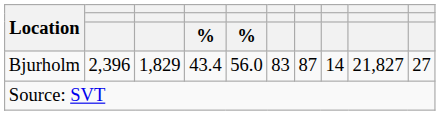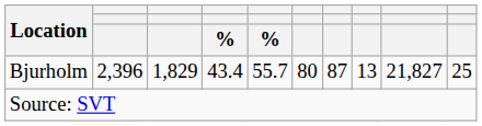 <table role="presentation" class="wikitable sortable mw-collapsible">
 <tr>
 <th rowspan="3">Location</th>
 <th></th>
 <th></th>
 <th></th>
 <th></th>
 <th></th>
 <th></th>
 <th></th>
 <th></th>
 <th></th>
 </tr>
 <tr>
 <th></th>
 <th></th>
 <th style="background:"></th>
 <th style="background:"></th>
 <th></th>
 <th></th>
 <th></th>
 <th></th>
 <th></th>
 </tr>
 <tr>
 <th data-sort-type="number"></th>
 <th data-sort-type="number"></th>
 <th data-sort-type="number">%</th>
 <th data-sort-type="number">%</th>
 <th data-sort-type="number"></th>
 <th data-sort-type="number"></th>
 <th data-sort-type="number"></th>
 <th data-sort-type="number"></th>
 <th data-sort-type="number"></th>
 </tr>
 <tr>
 <td align="left">Bjurholm</td>
 <td>2,396</td>
 <td>1,829</td>
 <td>43.4</td>
-<td>56.0</td>
-<td>83</td>
+<td>55.7</td>
+<td>80</td>
 <td>87</td>
-<td>14</td>
+<td>13</td>
 <td>21,827</td>
-<td>27</td>
+<td>25</td>
 </tr>
 <tr>
 <td colspan="10" align="left">Source: <a href='#'>SVT</a></td>
 </tr>
 </table>
